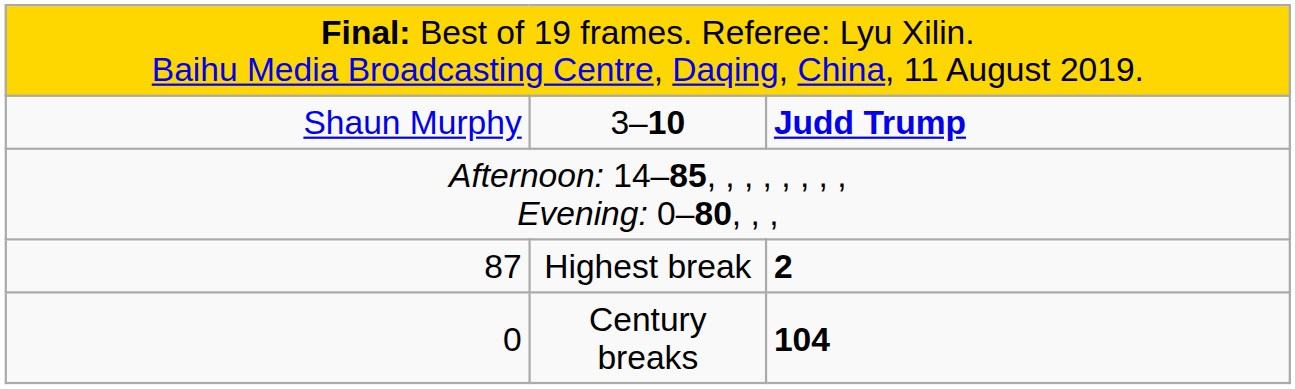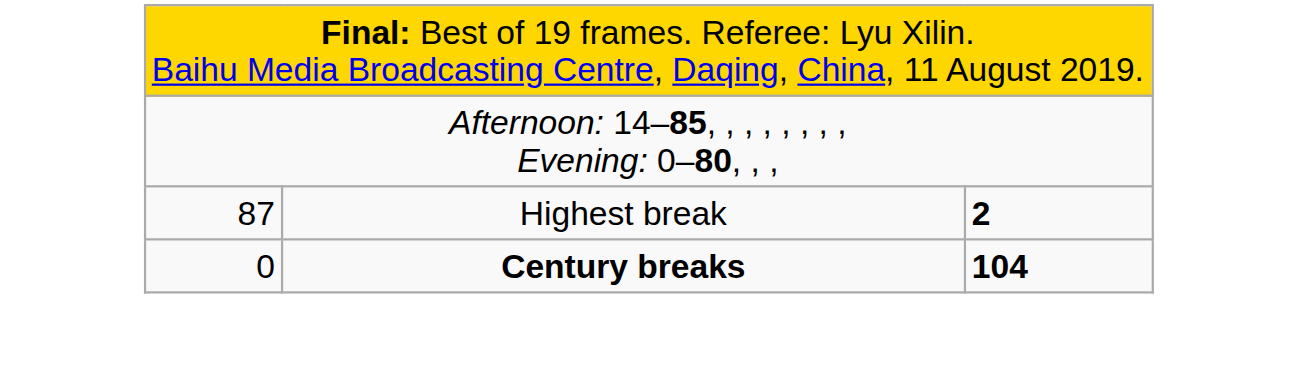 <table class="wikitable" style="font-size: 95%; margin: 1em auto 1em auto;">
 <tr>
 <td colspan="3" align="center" bgcolor="#ffd700"><strong>Final:</strong> Best of 19 frames. Referee: Lyu Xilin.<br><a href='#'>Baihu Media Broadcasting Centre</a>, <a href='#'>Daqing</a>, <a href='#'>China</a>, 11 August 2019.</td>
-</tr>
-<tr>
-<td width="230" align="right"><a href='#'>Shaun Murphy</a><br></td>
-<td width="100" align="center">3–<strong>10</strong></td>
-<td width="230" align="left"><strong><a href='#'>Judd Trump</a></strong><br></td>
 </tr>
 <tr>
 <td colspan="3" align="center" style="font-size: 100%"><em>Afternoon:</em> 14–<strong>85</strong>, , , , , , , , <br><em>Evening:</em> 0–<strong>80</strong>, , , </td>
 </tr>
 <tr>
 <td align="right">87</td>
 <td align="center">Highest break</td>
 <td><strong>2</strong></td>
 </tr>
 <tr>
 <td align="right">0</td>
-<td align="center">Century breaks</td>
+<td align="center"><strong>Century breaks</strong></td>
 <td><strong>104</strong></td>
 </tr>
 </table>
